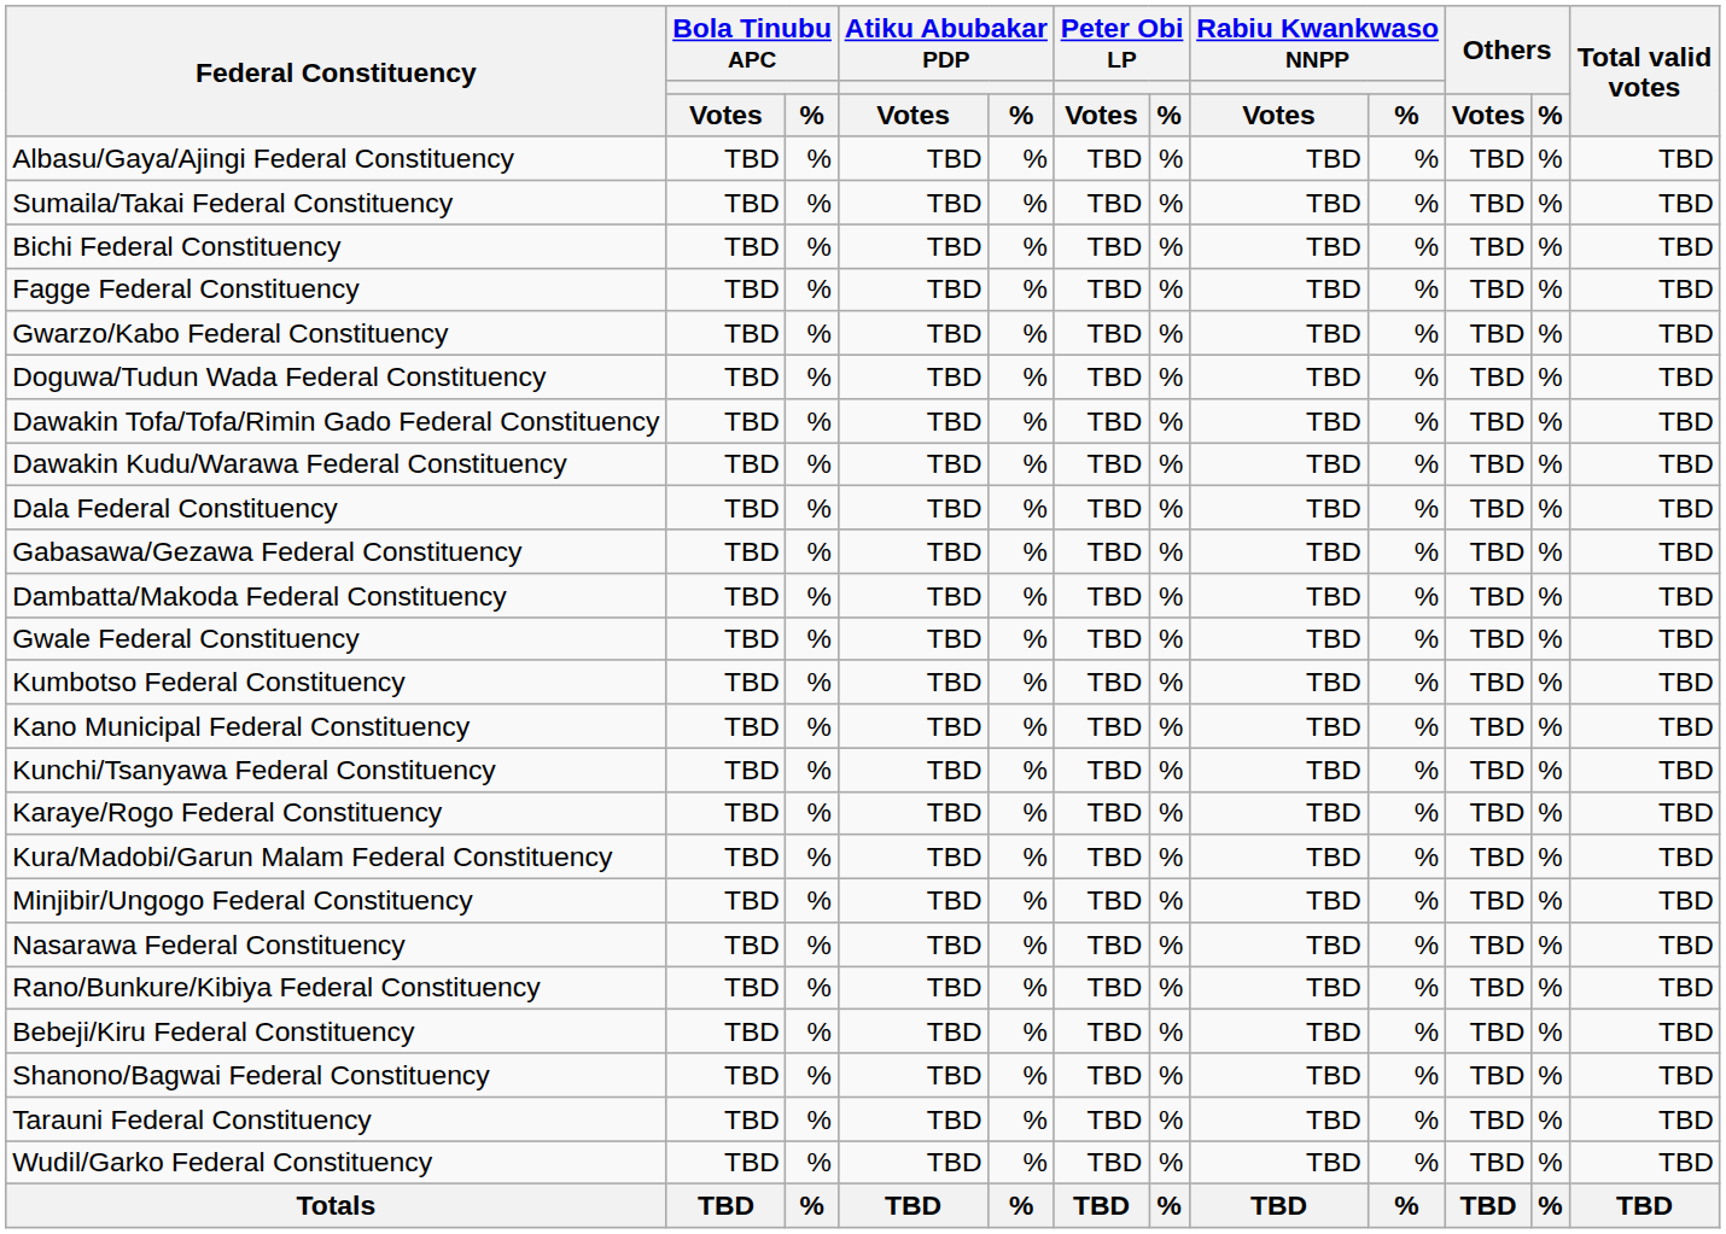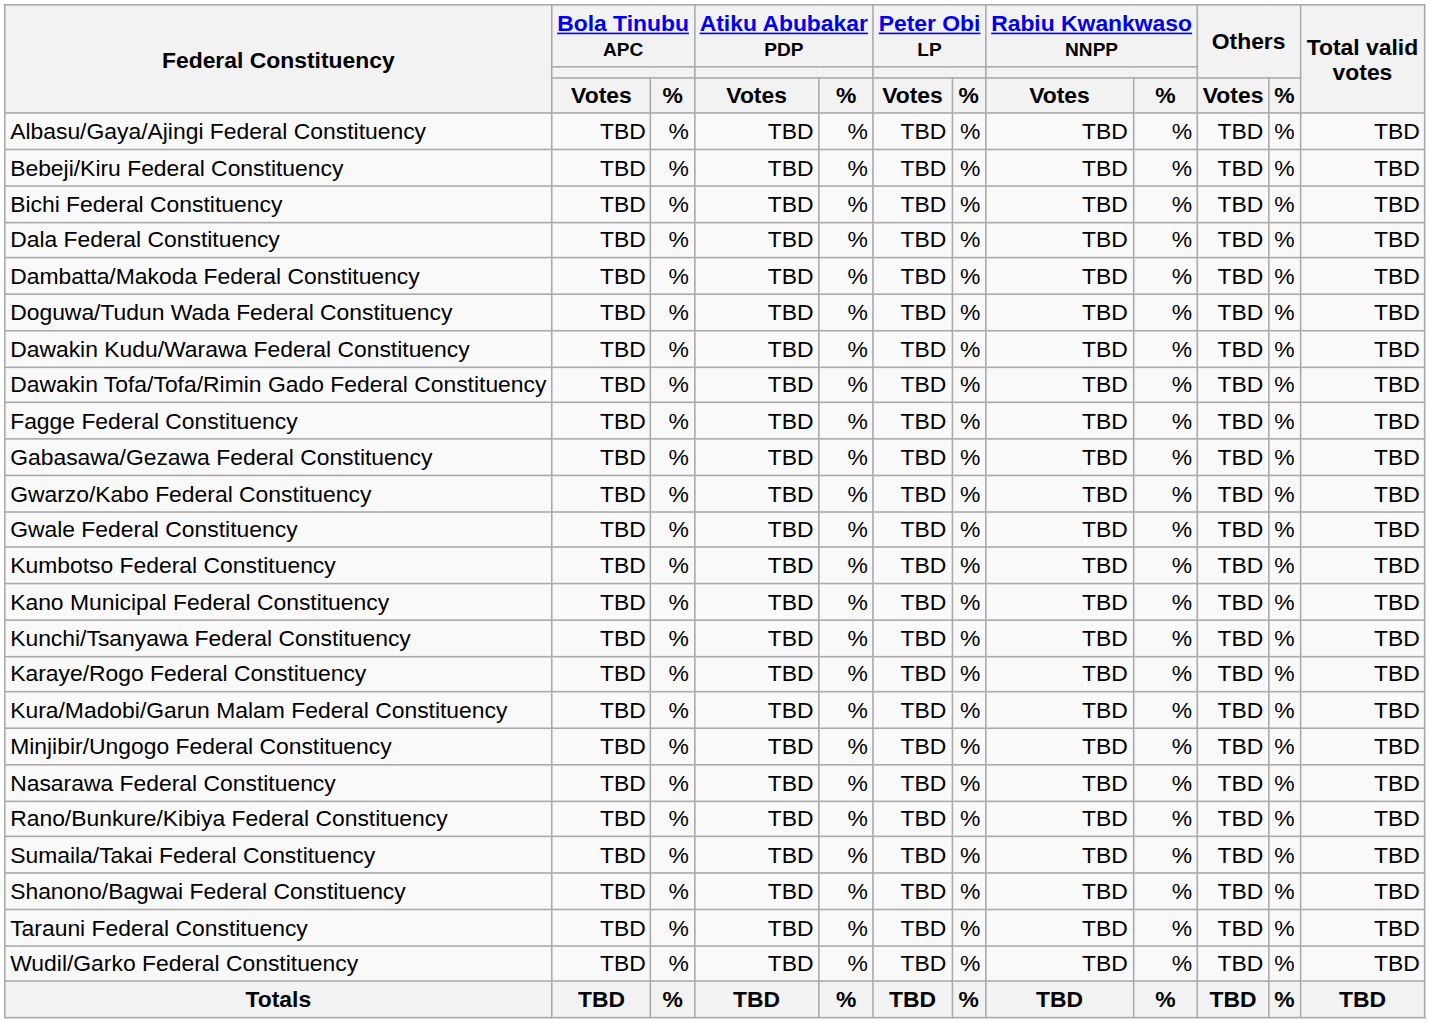 <table class="wikitable sortable" style="text-align:right; font-size:90%">
 <tr>
 <th rowspan="3" style="max-width:7.5em;">Federal Constituency</th>
 <th colspan="2"><a href='#'>Bola Tinubu</a><br><small>APC</small></th>
 <th colspan="2"><a href='#'>Atiku Abubakar</a><br><small>PDP</small></th>
 <th colspan="2"><a href='#'>Peter Obi</a><br><small>LP</small></th>
 <th colspan="2"><a href='#'>Rabiu Kwankwaso</a><br><small>NNPP</small></th>
 <th colspan="2" rowspan="2">Others</th>
 <th rowspan="3" style="max-width:5em;">Total valid votes</th>
 </tr>
 <tr>
 <th colspan=2 style="background-color:"></th>
 <th colspan=2 style="background-color:"></th>
 <th colspan=2 style="background-color:"></th>
 <th colspan=2 style="background-color:"></th>
 </tr>
 <tr>
 <th>Votes</th>
 <th>%</th>
 <th>Votes</th>
 <th>%</th>
 <th>Votes</th>
 <th>%</th>
 <th>Votes</th>
 <th>%</th>
 <th>Votes</th>
 <th>%</th>
 </tr>
 <tr style="background-color:#">
 <td style="text-align:left;">Albasu/Gaya/Ajingi Federal Constituency</td>
 <td>TBD</td>
 <td>%</td>
 <td>TBD</td>
 <td>%</td>
 <td>TBD</td>
 <td>%</td>
 <td>TBD</td>
 <td>%</td>
 <td>TBD</td>
 <td>%</td>
 <td>TBD</td>
 </tr>
 <tr style="background-color:#">
-<td style="text-align:left;">Sumaila/Takai Federal Constituency</td>
+<td style="text-align:left;">Bebeji/Kiru Federal Constituency</td>
 <td>TBD</td>
 <td>%</td>
 <td>TBD</td>
 <td>%</td>
 <td>TBD</td>
 <td>%</td>
 <td>TBD</td>
 <td>%</td>
 <td>TBD</td>
 <td>%</td>
 <td>TBD</td>
 </tr>
 <tr style="background-color:#">
 <td style="text-align:left;">Bichi Federal Constituency</td>
 <td>TBD</td>
 <td>%</td>
 <td>TBD</td>
 <td>%</td>
 <td>TBD</td>
 <td>%</td>
 <td>TBD</td>
 <td>%</td>
 <td>TBD</td>
 <td>%</td>
 <td>TBD</td>
 </tr>
 <tr style="background-color:#">
-<td style="text-align:left;">Fagge Federal Constituency</td>
+<td style="text-align:left;">Dala Federal Constituency</td>
 <td>TBD</td>
 <td>%</td>
 <td>TBD</td>
 <td>%</td>
 <td>TBD</td>
 <td>%</td>
 <td>TBD</td>
 <td>%</td>
 <td>TBD</td>
 <td>%</td>
 <td>TBD</td>
 </tr>
 <tr style="background-color:#">
-<td style="text-align:left;">Gwarzo/Kabo Federal Constituency</td>
+<td style="text-align:left;">Dambatta/Makoda Federal Constituency</td>
 <td>TBD</td>
 <td>%</td>
 <td>TBD</td>
 <td>%</td>
 <td>TBD</td>
 <td>%</td>
 <td>TBD</td>
 <td>%</td>
 <td>TBD</td>
 <td>%</td>
 <td>TBD</td>
 </tr>
 <tr style="background-color:#">
 <td style="text-align:left;">Doguwa/Tudun Wada Federal Constituency</td>
 <td>TBD</td>
 <td>%</td>
 <td>TBD</td>
 <td>%</td>
 <td>TBD</td>
 <td>%</td>
 <td>TBD</td>
 <td>%</td>
 <td>TBD</td>
 <td>%</td>
 <td>TBD</td>
 </tr>
 <tr style="background-color:#">
+<td style="text-align:left;">Dawakin Kudu/Warawa Federal Constituency</td>
+<td>TBD</td>
+<td>%</td>
+<td>TBD</td>
+<td>%</td>
+<td>TBD</td>
+<td>%</td>
+<td>TBD</td>
+<td>%</td>
+<td>TBD</td>
+<td>%</td>
+<td>TBD</td>
+</tr>
+<tr style="background-color:#">
 <td style="text-align:left;">Dawakin Tofa/Tofa/Rimin Gado Federal Constituency</td>
 <td>TBD</td>
 <td>%</td>
 <td>TBD</td>
 <td>%</td>
 <td>TBD</td>
 <td>%</td>
 <td>TBD</td>
 <td>%</td>
 <td>TBD</td>
 <td>%</td>
 <td>TBD</td>
 </tr>
 <tr style="background-color:#">
-<td style="text-align:left;">Dawakin Kudu/Warawa Federal Constituency</td>
-<td>TBD</td>
-<td>%</td>
-<td>TBD</td>
-<td>%</td>
-<td>TBD</td>
-<td>%</td>
-<td>TBD</td>
-<td>%</td>
-<td>TBD</td>
-<td>%</td>
-<td>TBD</td>
-</tr>
-<tr style="background-color:#">
-<td style="text-align:left;">Dala Federal Constituency</td>
+<td style="text-align:left;">Fagge Federal Constituency</td>
 <td>TBD</td>
 <td>%</td>
 <td>TBD</td>
 <td>%</td>
 <td>TBD</td>
 <td>%</td>
 <td>TBD</td>
 <td>%</td>
 <td>TBD</td>
 <td>%</td>
 <td>TBD</td>
 </tr>
 <tr style="background-color:#">
 <td style="text-align:left;">Gabasawa/Gezawa Federal Constituency</td>
 <td>TBD</td>
 <td>%</td>
 <td>TBD</td>
 <td>%</td>
 <td>TBD</td>
 <td>%</td>
 <td>TBD</td>
 <td>%</td>
 <td>TBD</td>
 <td>%</td>
 <td>TBD</td>
 </tr>
 <tr style="background-color:#">
-<td style="text-align:left;">Dambatta/Makoda Federal Constituency</td>
+<td style="text-align:left;">Gwarzo/Kabo Federal Constituency</td>
 <td>TBD</td>
 <td>%</td>
 <td>TBD</td>
 <td>%</td>
 <td>TBD</td>
 <td>%</td>
 <td>TBD</td>
 <td>%</td>
 <td>TBD</td>
 <td>%</td>
 <td>TBD</td>
 </tr>
 <tr style="background-color:#">
 <td style="text-align:left;">Gwale Federal Constituency</td>
 <td>TBD</td>
 <td>%</td>
 <td>TBD</td>
 <td>%</td>
 <td>TBD</td>
 <td>%</td>
 <td>TBD</td>
 <td>%</td>
 <td>TBD</td>
 <td>%</td>
 <td>TBD</td>
 </tr>
 <tr style="background-color:#">
 <td style="text-align:left;">Kumbotso Federal Constituency</td>
 <td>TBD</td>
 <td>%</td>
 <td>TBD</td>
 <td>%</td>
 <td>TBD</td>
 <td>%</td>
 <td>TBD</td>
 <td>%</td>
 <td>TBD</td>
 <td>%</td>
 <td>TBD</td>
 </tr>
 <tr style="background-color:#">
 <td style="text-align:left;">Kano Municipal Federal Constituency</td>
 <td>TBD</td>
 <td>%</td>
 <td>TBD</td>
 <td>%</td>
 <td>TBD</td>
 <td>%</td>
 <td>TBD</td>
 <td>%</td>
 <td>TBD</td>
 <td>%</td>
 <td>TBD</td>
 </tr>
 <tr style="background-color:#">
 <td style="text-align:left;">Kunchi/Tsanyawa Federal Constituency</td>
 <td>TBD</td>
 <td>%</td>
 <td>TBD</td>
 <td>%</td>
 <td>TBD</td>
 <td>%</td>
 <td>TBD</td>
 <td>%</td>
 <td>TBD</td>
 <td>%</td>
 <td>TBD</td>
 </tr>
 <tr style="background-color:#">
 <td style="text-align:left;">Karaye/Rogo Federal Constituency</td>
 <td>TBD</td>
 <td>%</td>
 <td>TBD</td>
 <td>%</td>
 <td>TBD</td>
 <td>%</td>
 <td>TBD</td>
 <td>%</td>
 <td>TBD</td>
 <td>%</td>
 <td>TBD</td>
 </tr>
 <tr style="background-color:#">
 <td style="text-align:left;">Kura/Madobi/Garun Malam Federal Constituency</td>
 <td>TBD</td>
 <td>%</td>
 <td>TBD</td>
 <td>%</td>
 <td>TBD</td>
 <td>%</td>
 <td>TBD</td>
 <td>%</td>
 <td>TBD</td>
 <td>%</td>
 <td>TBD</td>
 </tr>
 <tr style="background-color:#">
 <td style="text-align:left;">Minjibir/Ungogo Federal Constituency</td>
 <td>TBD</td>
 <td>%</td>
 <td>TBD</td>
 <td>%</td>
 <td>TBD</td>
 <td>%</td>
 <td>TBD</td>
 <td>%</td>
 <td>TBD</td>
 <td>%</td>
 <td>TBD</td>
 </tr>
 <tr style="background-color:#">
 <td style="text-align:left;">Nasarawa Federal Constituency</td>
 <td>TBD</td>
 <td>%</td>
 <td>TBD</td>
 <td>%</td>
 <td>TBD</td>
 <td>%</td>
 <td>TBD</td>
 <td>%</td>
 <td>TBD</td>
 <td>%</td>
 <td>TBD</td>
 </tr>
 <tr style="background-color:#">
 <td style="text-align:left;">Rano/Bunkure/Kibiya Federal Constituency</td>
 <td>TBD</td>
 <td>%</td>
 <td>TBD</td>
 <td>%</td>
 <td>TBD</td>
 <td>%</td>
 <td>TBD</td>
 <td>%</td>
 <td>TBD</td>
 <td>%</td>
 <td>TBD</td>
 </tr>
 <tr style="background-color:#">
-<td style="text-align:left;">Bebeji/Kiru Federal Constituency</td>
+<td style="text-align:left;">Sumaila/Takai Federal Constituency</td>
 <td>TBD</td>
 <td>%</td>
 <td>TBD</td>
 <td>%</td>
 <td>TBD</td>
 <td>%</td>
 <td>TBD</td>
 <td>%</td>
 <td>TBD</td>
 <td>%</td>
 <td>TBD</td>
 </tr>
 <tr style="background-color:#">
 <td style="text-align:left;">Shanono/Bagwai Federal Constituency</td>
 <td>TBD</td>
 <td>%</td>
 <td>TBD</td>
 <td>%</td>
 <td>TBD</td>
 <td>%</td>
 <td>TBD</td>
 <td>%</td>
 <td>TBD</td>
 <td>%</td>
 <td>TBD</td>
 </tr>
 <tr style="background-color:#">
 <td style="text-align:left;">Tarauni Federal Constituency</td>
 <td>TBD</td>
 <td>%</td>
 <td>TBD</td>
 <td>%</td>
 <td>TBD</td>
 <td>%</td>
 <td>TBD</td>
 <td>%</td>
 <td>TBD</td>
 <td>%</td>
 <td>TBD</td>
 </tr>
 <tr style="background-color:#">
 <td style="text-align:left;">Wudil/Garko Federal Constituency</td>
 <td>TBD</td>
 <td>%</td>
 <td>TBD</td>
 <td>%</td>
 <td>TBD</td>
 <td>%</td>
 <td>TBD</td>
 <td>%</td>
 <td>TBD</td>
 <td>%</td>
 <td>TBD</td>
 </tr>
 <tr>
 <th>Totals</th>
 <th>TBD</th>
 <th>%</th>
 <th>TBD</th>
 <th>%</th>
 <th>TBD</th>
 <th>%</th>
 <th>TBD</th>
 <th>%</th>
 <th>TBD</th>
 <th>%</th>
 <th>TBD</th>
 </tr>
 </table>
